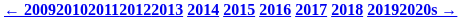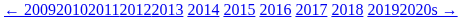 <table id=toc class=toc summary=Contents>
 <tr>
 <th></th>
 </tr>
 <tr>
-<td align=center><strong><a href='#'>← 2009</a><a href='#'>2010</a><a href='#'>2011</a><a href='#'>2012</a><a href='#'>2013</a> <a href='#'>2014</a> <a href='#'>2015</a> <a href='#'>2016</a> <a href='#'>2017</a> <a href='#'>2018</a> <a href='#'>2019</a><a href='#'>2020s →</a></strong></td>
+<td align=center><a href='#'>← 2009</a><a href='#'>2010</a><a href='#'>2011</a><a href='#'>2012</a><a href='#'>2013</a> <a href='#'>2014</a> <a href='#'>2015</a> <a href='#'>2016</a> <a href='#'>2017</a> <a href='#'>2018</a> <a href='#'>2019</a><a href='#'>2020s →</a></td>
 </tr>
 </table>
